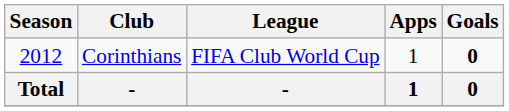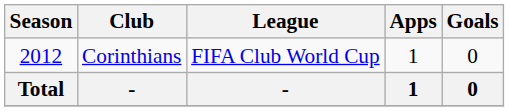 <table class="wikitable" style="text-align: center;">
 <tr>
 <th>Season</th>
 <th>Club</th>
 <th>League</th>
 <th>Apps</th>
 <th>Goals</th>
 </tr>
 <tr>
 <td><a href='#'>2012</a></td>
 <td rowspan=1><a href='#'>Corinthians</a></td>
 <td rowspan=1><a href='#'>FIFA Club World Cup</a></td>
 <td>1</td>
-<td><strong>0</strong></td>
+<td>0</td>
 </tr>
 <tr>
 <th>Total</th>
 <th>-</th>
 <th>-</th>
 <th>1</th>
 <th>0</th>
 </tr>
 <tr>
 </tr>
 </table>
